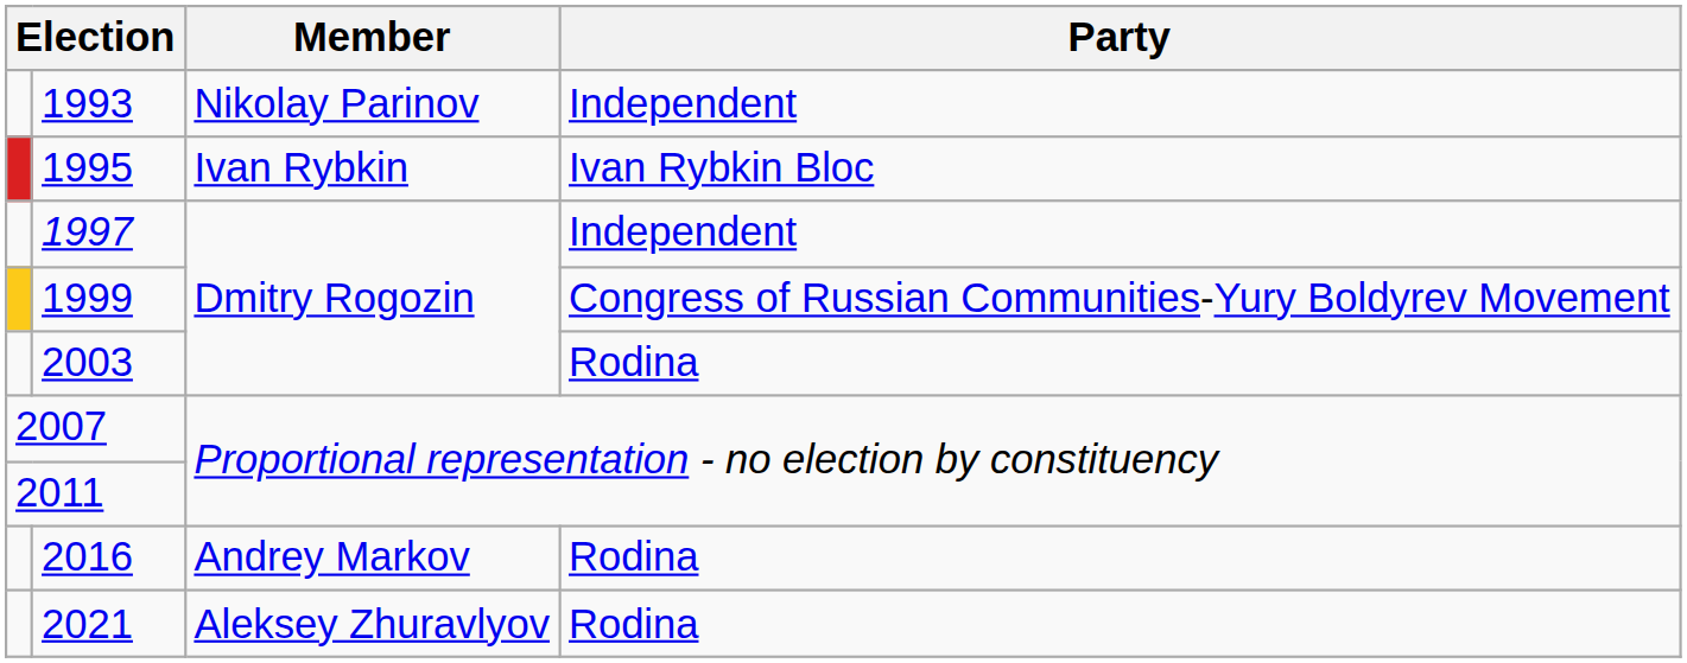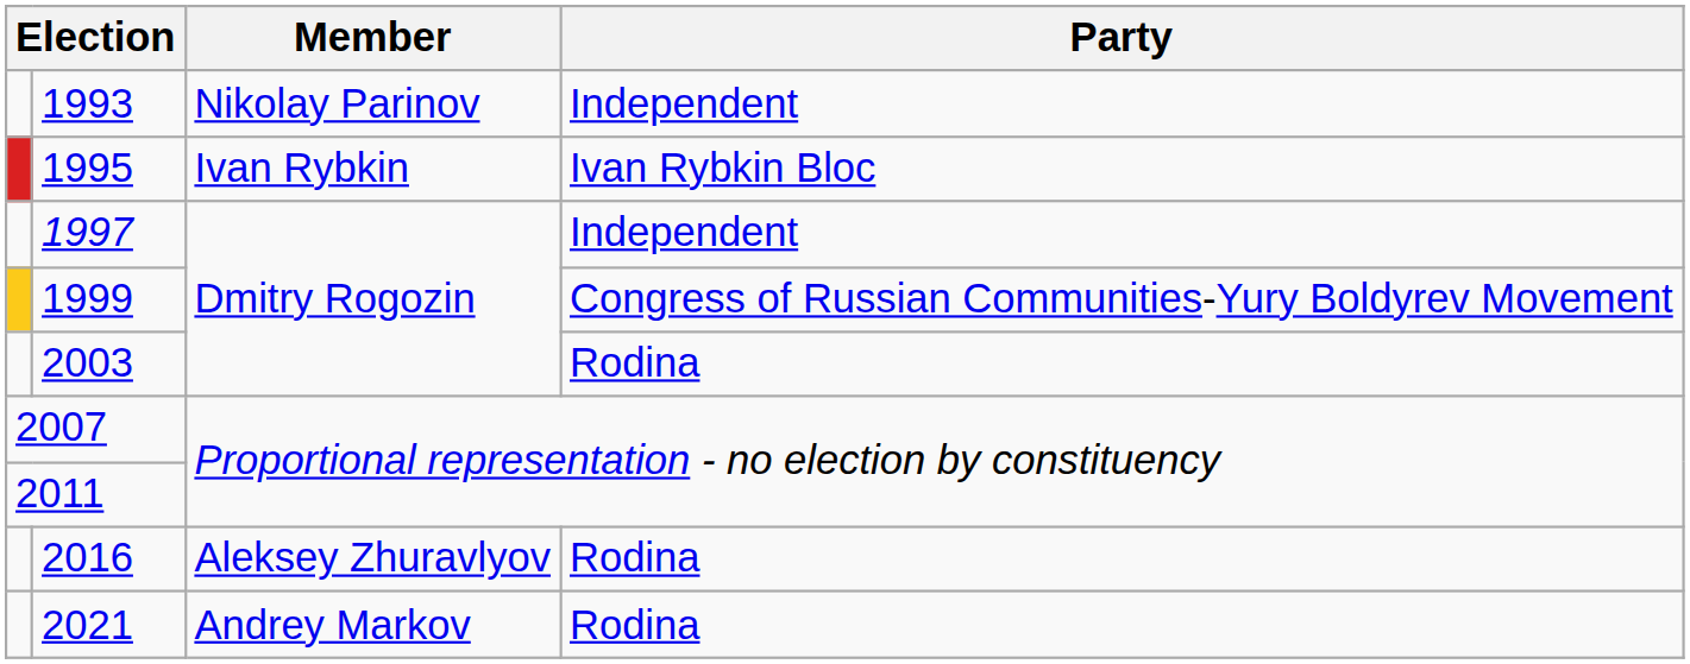 <table class="wikitable">
 <tr>
 <th colspan="2">Election</th>
 <th>Member</th>
 <th>Party</th>
 </tr>
 <tr>
 <td style="background-color:"></td>
 <td><a href='#'>1993</a></td>
 <td><a href='#'>Nikolay Parinov</a></td>
 <td><a href='#'>Independent</a></td>
 </tr>
 <tr>
 <td style="background-color:#DA2021"></td>
 <td><a href='#'>1995</a></td>
 <td><a href='#'>Ivan Rybkin</a></td>
 <td><a href='#'>Ivan Rybkin Bloc</a></td>
 </tr>
 <tr>
 <td style="background-color:"></td>
 <td><em><a href='#'>1997</a></em></td>
 <td rowspan=3><a href='#'>Dmitry Rogozin</a></td>
 <td><a href='#'>Independent</a></td>
 </tr>
 <tr>
 <td style="background-color:#FCCA19"></td>
 <td><a href='#'>1999</a></td>
 <td><a href='#'>Congress of Russian Communities</a>-<a href='#'>Yury Boldyrev Movement</a></td>
 </tr>
 <tr>
 <td style="background-color: "></td>
 <td><a href='#'>2003</a></td>
 <td><a href='#'>Rodina</a></td>
 </tr>
 <tr>
 <td colspan=2><a href='#'>2007</a></td>
 <td colspan=2 rowspan=2><em><a href='#'>Proportional representation</a> - no election by constituency</em></td>
 </tr>
 <tr>
 <td colspan=2><a href='#'>2011</a></td>
 </tr>
 <tr>
 <td style="background-color: "></td>
 <td><a href='#'>2016</a></td>
-<td><a href='#'>Andrey Markov</a></td>
+<td><a href='#'>Aleksey Zhuravlyov</a></td>
 <td><a href='#'>Rodina</a></td>
 </tr>
 <tr>
 <td style="background-color: "></td>
 <td><a href='#'>2021</a></td>
-<td><a href='#'>Aleksey Zhuravlyov</a></td>
+<td><a href='#'>Andrey Markov</a></td>
 <td><a href='#'>Rodina</a></td>
 </tr>
 </table>
